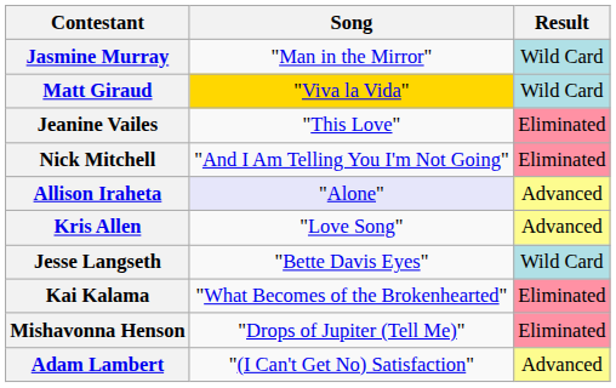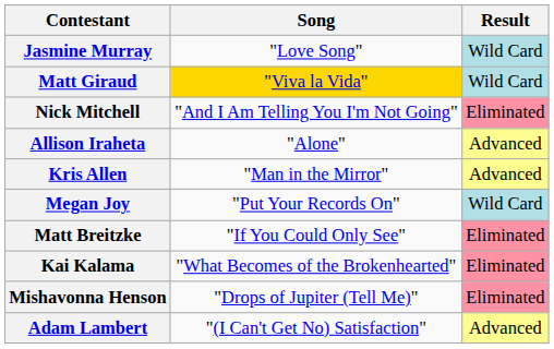 <table class="wikitable" style="text-align:center; line-height:20px;">
 <tr>
 <th scope="col">Contestant</th>
 <th scope="col">Song</th>
 <th scope="col">Result</th>
 </tr>
 <tr>
 <th scope="row"><a href='#'>Jasmine Murray</a></th>
-<td>"<a href='#'>Man in the Mirror</a>"</td>
+<td>"<a href='#'>Love Song</a>"</td>
 <td style="background:#B0E0E6;">Wild Card</td>
 </tr>
 <tr>
 <th scope="row"><a href='#'>Matt Giraud</a></th>
 <td style="background: gold;">"<a href='#'>Viva la Vida</a>"</td>
 <td style="background:#B0E0E6;">Wild Card</td>
 </tr>
 <tr>
-<th scope="row">Jeanine Vailes</th>
-<td>"<a href='#'>This Love</a>"</td>
-<td style="background:#FF91A4;">Eliminated</td>
-</tr>
-<tr>
 <th scope="row">Nick Mitchell</th>
 <td>"<a href='#'>And I Am Telling You I'm Not Going</a>"</td>
 <td style="background:#FF91A4;">Eliminated</td>
 </tr>
 <tr>
 <th scope="row"><a href='#'>Allison Iraheta</a></th>
-<td style="background: lavender;">"<a href='#'>Alone</a>"</td>
+<td>"<a href='#'>Alone</a>"</td>
 <td bgcolor="fdfc8f">Advanced</td>
 </tr>
 <tr>
 <th scope="row"><a href='#'>Kris Allen</a></th>
-<td>"<a href='#'>Love Song</a>"</td>
+<td>"<a href='#'>Man in the Mirror</a>"</td>
 <td bgcolor="fdfc8f">Advanced</td>
 </tr>
 <tr>
-<th scope="row">Jesse Langseth</th>
-<td>"<a href='#'>Bette Davis Eyes</a>"</td>
+<th scope="row"><a href='#'>Megan Joy</a></th>
+<td>"<a href='#'>Put Your Records On</a>"</td>
 <td style="background:#B0E0E6;">Wild Card</td>
+</tr>
+<tr>
+<th scope="row">Matt Breitzke</th>
+<td>"<a href='#'>If You Could Only See</a>"</td>
+<td style="background:#FF91A4;">Eliminated</td>
 </tr>
 <tr>
 <th scope="row">Kai Kalama</th>
 <td>"<a href='#'>What Becomes of the Brokenhearted</a>"</td>
 <td style="background:#FF91A4;">Eliminated</td>
 </tr>
 <tr>
 <th scope="row">Mishavonna Henson</th>
 <td>"<a href='#'>Drops of Jupiter (Tell Me)</a>"</td>
 <td style="background:#FF91A4;">Eliminated</td>
 </tr>
 <tr>
 <th scope="row"><a href='#'>Adam Lambert</a></th>
 <td>"<a href='#'>(I Can't Get No) Satisfaction</a>"</td>
 <td bgcolor="fdfc8f">Advanced</td>
 </tr>
 </table>
